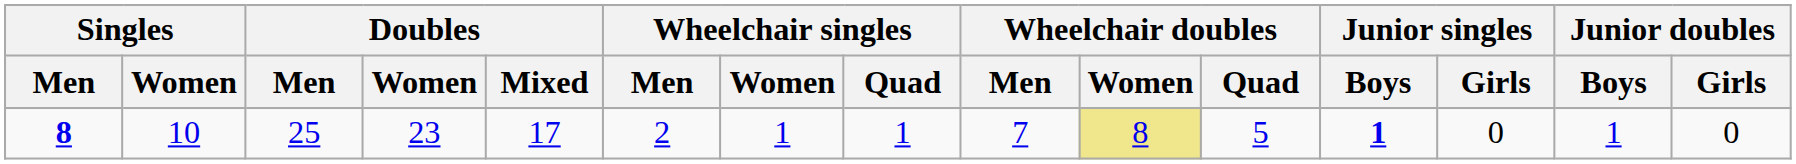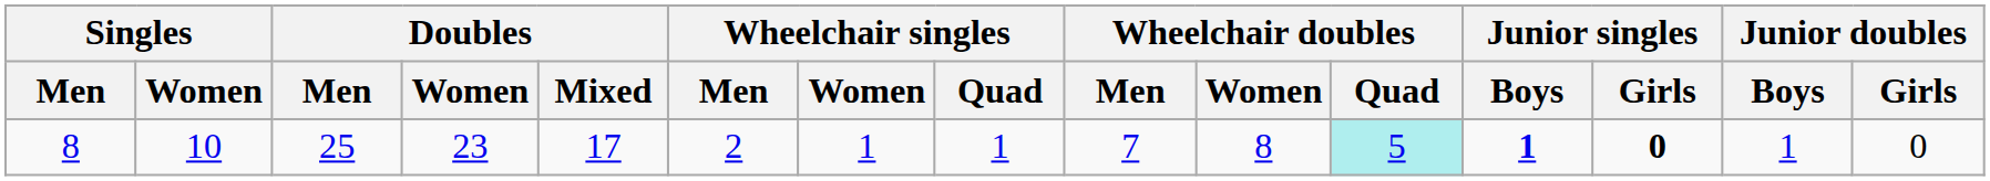 <table class="wikitable nowrap" style="text-align: center; width: 70%;">
 <tr>
 <th colspan="2">Singles</th>
 <th colspan="3">Doubles</th>
 <th colspan="3">Wheelchair singles</th>
 <th colspan="3">Wheelchair doubles</th>
 <th colspan="2">Junior singles</th>
 <th colspan="2">Junior doubles</th>
 </tr>
 <tr>
 <th width="50">Men</th>
 <th width="50">Women</th>
 <th width="50">Men</th>
 <th width="50">Women</th>
 <th width="50">Mixed</th>
 <th width="50">Men</th>
 <th width="50">Women</th>
 <th width="50">Quad</th>
 <th width="50">Men</th>
 <th width="50">Women</th>
 <th width="50">Quad</th>
 <th width="50">Boys</th>
 <th width="50">Girls</th>
 <th width="50">Boys</th>
 <th width="50">Girls</th>
 </tr>
 <tr>
-<td><strong><a href='#'>8</a></strong></td>
+<td><a href='#'>8</a></td>
 <td><a href='#'>10</a></td>
 <td><a href='#'>25</a></td>
 <td><a href='#'>23</a></td>
 <td><a href='#'>17</a></td>
 <td><a href='#'>2</a></td>
 <td><a href='#'>1</a></td>
 <td><a href='#'>1</a></td>
 <td><a href='#'>7</a></td>
-<td style="background: khaki;"><a href='#'>8</a></td>
-<td><a href='#'>5</a></td>
+<td><a href='#'>8</a></td>
+<td style="background: paleturquoise;"><a href='#'>5</a></td>
 <td><strong><a href='#'>1</a></strong></td>
-<td>0</td>
+<td><strong>0</strong></td>
 <td><a href='#'>1</a></td>
 <td>0</td>
 </tr>
 </table>
